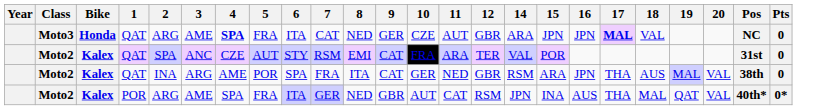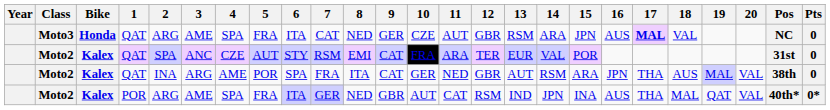 <table class="wikitable" style="text-align:center">
 <tr>
 <th>Year</th>
 <th>Class</th>
 <th>Bike</th>
 <th>1</th>
 <th>2</th>
 <th>3</th>
 <th>4</th>
 <th>5</th>
 <th>6</th>
 <th>7</th>
 <th>8</th>
 <th>9</th>
 <th>10</th>
 <th>11</th>
 <th>12</th>
+<th>13</th>
 <th>14</th>
 <th>15</th>
 <th>16</th>
 <th>17</th>
 <th>18</th>
 <th>19</th>
 <th>20</th>
 <th>Pos</th>
 <th>Pts</th>
 </tr>
 <tr>
 <th></th>
 <th>Moto3</th>
 <th><a href='#'>Honda</a></th>
 <td><a href='#'>QAT</a></td>
 <td><a href='#'>ARG</a></td>
 <td><a href='#'>AME</a></td>
-<td><strong><a href='#'>SPA</a></strong></td>
+<td><a href='#'>SPA</a></td>
 <td><a href='#'>FRA</a></td>
 <td><a href='#'>ITA</a></td>
 <td><a href='#'>CAT</a></td>
 <td><a href='#'>NED</a></td>
 <td><a href='#'>GER</a></td>
 <td><a href='#'>CZE</a></td>
 <td><a href='#'>AUT</a></td>
 <td><a href='#'>GBR</a></td>
+<td><a href='#'>RSM</a></td>
 <td><a href='#'>ARA</a></td>
 <td><a href='#'>JPN</a></td>
-<td><a href='#'>JPN</a></td>
+<td><a href='#'>AUS</a></td>
 <td style="background:#efcfff;"><strong><a href='#'>MAL</a><br></strong></td>
 <td><a href='#'>VAL</a></td>
 <td></td>
 <td></td>
 <th>NC</th>
 <th>0</th>
 </tr>
 <tr>
 <th></th>
 <th>Moto2</th>
 <th><a href='#'>Kalex</a></th>
 <td style="background:#efcfff;"><a href='#'>QAT</a><br></td>
 <td style="background:#cfcfff;"><a href='#'>SPA</a><br></td>
 <td style="background:#efcfff;"><a href='#'>ANC</a><br></td>
 <td style="background:#efcfff;"><a href='#'>CZE</a><br></td>
 <td style="background:#cfcfff;"><a href='#'>AUT</a><br></td>
 <td style="background:#cfcfff;"><a href='#'>STY</a><br></td>
 <td style="background:#cfcfff;"><a href='#'>RSM</a><br></td>
 <td style="background:#efcfff;"><a href='#'>EMI</a><br></td>
 <td style="background:#cfcfff;"><a href='#'>CAT</a><br></td>
 <td style="background:black;color:white;"><a href='#'><span>FRA</span></a><br></td>
 <td style="background:#cfcfff;"><a href='#'>ARA</a><br></td>
 <td style="background:#efcfff;"><a href='#'>TER</a><br></td>
+<td style="background:#cfcfff;"><a href='#'>EUR</a><br></td>
 <td style="background:#cfcfff;"><a href='#'>VAL</a><br></td>
 <td style="background:#efcfff;"><a href='#'>POR</a><br></td>
 <td></td>
 <td></td>
 <td></td>
 <td></td>
 <td></td>
 <th>31st</th>
 <th>0</th>
 </tr>
 <tr>
 <th align="left"></th>
 <th align="left">Moto2</th>
 <th align="left"><a href='#'>Kalex</a></th>
 <td><a href='#'>QAT</a></td>
 <td><a href='#'>INA</a></td>
 <td><a href='#'>ARG</a></td>
 <td><a href='#'>AME</a></td>
 <td><a href='#'>POR</a></td>
 <td><a href='#'>SPA</a></td>
 <td><a href='#'>FRA</a></td>
 <td><a href='#'>ITA</a></td>
 <td><a href='#'>CAT</a></td>
 <td><a href='#'>GER</a></td>
 <td><a href='#'>NED</a></td>
 <td><a href='#'>GBR</a></td>
+<td><a href='#'>AUT</a></td>
 <td><a href='#'>RSM</a></td>
 <td><a href='#'>ARA</a></td>
 <td><a href='#'>JPN</a></td>
 <td><a href='#'>THA</a></td>
 <td><a href='#'>AUS</a></td>
 <td style="background:#cfcfff;"><a href='#'>MAL</a><br></td>
 <td><a href='#'>VAL</a></td>
 <th>38th</th>
 <th>0</th>
 </tr>
 <tr>
 <th align="left"></th>
 <th align="left">Moto2</th>
 <th align="left"><a href='#'>Kalex</a></th>
 <td><a href='#'>POR</a></td>
 <td><a href='#'>ARG</a></td>
 <td><a href='#'>AME</a></td>
 <td><a href='#'>SPA</a></td>
 <td><a href='#'>FRA</a></td>
 <td style="background:#cfcfff;"><a href='#'>ITA</a><br></td>
 <td style="background:#cfcfff;"><a href='#'>GER</a><br></td>
 <td><a href='#'>NED</a><br></td>
 <td><a href='#'>GBR</a><br></td>
 <td><a href='#'>AUT</a><br></td>
 <td><a href='#'>CAT</a><br></td>
 <td><a href='#'>RSM</a><br></td>
+<td><a href='#'>IND</a><br></td>
 <td><a href='#'>JPN</a><br></td>
 <td><a href='#'>INA</a><br></td>
 <td><a href='#'>AUS</a><br></td>
 <td><a href='#'>THA</a><br></td>
 <td><a href='#'>MAL</a><br></td>
 <td><a href='#'>QAT</a><br></td>
 <td><a href='#'>VAL</a><br></td>
 <th>40th*</th>
 <th>0*</th>
 </tr>
 </table>
